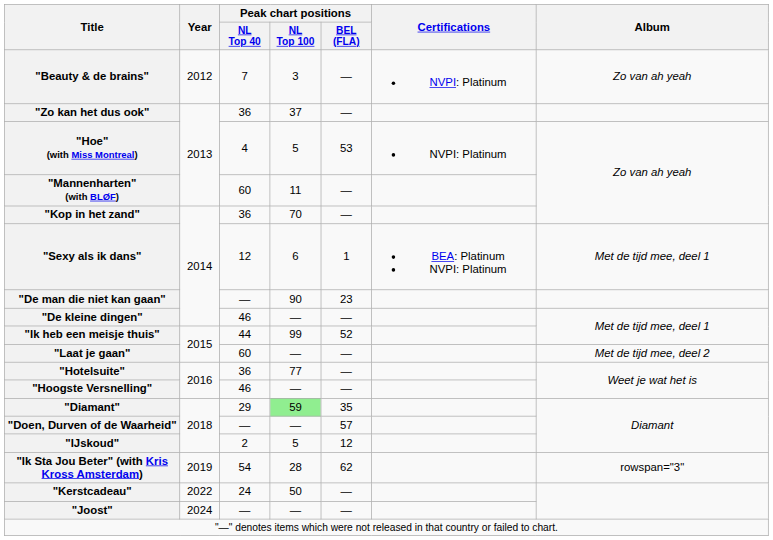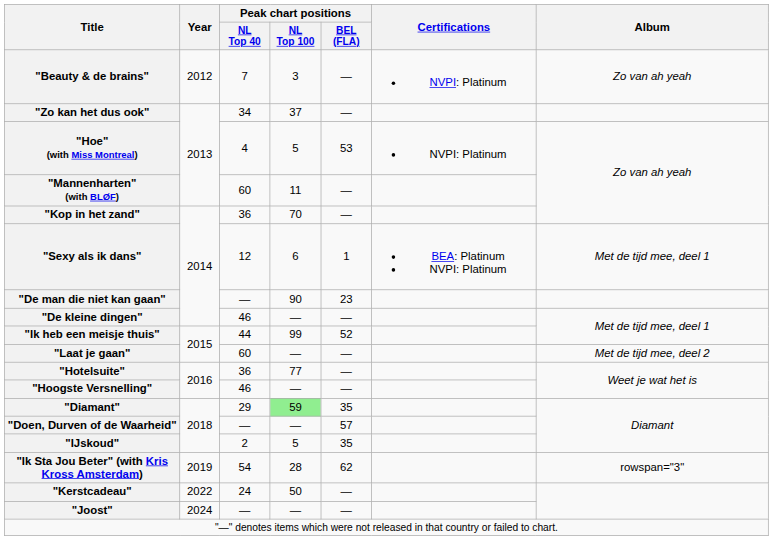 <table class="wikitable plainrowheaders" style="text-align:center;" border="1">
 <tr>
 <th scope="col" rowspan="2" style="width:15em;">Title</th>
 <th scope="col" rowspan="2" style="width:3em;">Year</th>
 <th scope="col" colspan="3">Peak chart positions</th>
 <th scope="col" rowspan="2" style="width:14em;"><a href='#'>Certifications</a></th>
 <th scope="col" rowspan="2" style="width:20em;">Album</th>
 </tr>
 <tr>
 <th scope="col" style="width:4.5em;font-size:90%;"><a href='#'>NL<br>Top 40</a><br></th>
 <th scope="col" style="width:4.5em;font-size:90%;"><a href='#'>NL<br>Top 100</a><br></th>
 <th scope="col" style="width:4.5em;font-size:90%;"><a href='#'>BEL<br>(FLA)</a><br></th>
 </tr>
 <tr>
 <th scope="row">"Beauty & de brains"</th>
 <td>2012</td>
 <td>7</td>
 <td>3</td>
 <td>—</td>
 <td><br><ul><li><a href='#'>NVPI</a>: Platinum</li></ul></td>
 <td><em>Zo van ah yeah</em></td>
 </tr>
 <tr>
 <th scope="row">"Zo kan het dus ook"</th>
 <td rowspan="3">2013</td>
-<td>36</td>
+<td>34</td>
 <td>37</td>
 <td>—</td>
 <td></td>
 <td></td>
 </tr>
 <tr>
 <th scope="row">"Hoe"<br><small>(with <a href='#'>Miss Montreal</a>)</small></th>
 <td>4</td>
 <td>5</td>
 <td>53</td>
 <td><br><ul><li>NVPI: Platinum</li></ul></td>
 <td rowspan="3"><em>Zo van ah yeah</em></td>
 </tr>
 <tr>
 <th scope="row">"Mannenharten"<br><small>(with <a href='#'>BLØF</a>)</small></th>
 <td>60</td>
 <td>11</td>
 <td>—</td>
 <td></td>
 </tr>
 <tr>
 <th scope="row">"Kop in het zand"</th>
 <td rowspan="4">2014</td>
 <td>36</td>
 <td>70</td>
 <td>—</td>
 <td></td>
 </tr>
 <tr>
 <th scope="row">"Sexy als ik dans"</th>
 <td>12</td>
 <td>6</td>
 <td>1</td>
 <td><br><ul><li><a href='#'>BEA</a>: Platinum</li><li>NVPI: Platinum</li></ul></td>
 <td><em>Met de tijd mee, deel 1</em></td>
 </tr>
 <tr>
 <th scope="row">"De man die niet kan gaan"</th>
 <td>—</td>
 <td>90</td>
 <td>23</td>
 <td></td>
 <td></td>
 </tr>
 <tr>
 <th scope="row">"De kleine dingen"</th>
 <td>46</td>
 <td>—</td>
 <td>—</td>
 <td></td>
 <td rowspan="2"><em>Met de tijd mee, deel 1</em></td>
 </tr>
 <tr>
 <th scope="row">"Ik heb een meisje thuis"</th>
 <td rowspan="2">2015</td>
 <td>44</td>
 <td>99</td>
 <td>52</td>
 <td></td>
 </tr>
 <tr>
 <th scope="row">"Laat je gaan"</th>
 <td>60</td>
 <td>—</td>
 <td>—</td>
 <td></td>
 <td><em>Met de tijd mee, deel 2</em></td>
 </tr>
 <tr>
 <th scope="row">"Hotelsuite"<br></th>
 <td rowspan="2">2016</td>
 <td>36</td>
 <td>77</td>
 <td>—</td>
 <td></td>
 <td rowspan="2"><em>Weet je wat het is</em></td>
 </tr>
 <tr>
 <th scope="row">"Hoogste Versnelling"<br></th>
 <td>46</td>
 <td>—</td>
 <td>—</td>
 <td></td>
 </tr>
 <tr>
 <th scope="row">"Diamant"</th>
 <td rowspan="3">2018</td>
 <td>29</td>
 <td style="background: lightgreen;">59</td>
 <td>35</td>
 <td></td>
 <td rowspan="3"><em>Diamant</em></td>
 </tr>
 <tr>
 <th scope="row">"Doen, Durven of de Waarheid"</th>
 <td>—</td>
 <td>—</td>
 <td>57</td>
 <td></td>
 </tr>
 <tr>
 <th scope="row">"IJskoud"</th>
 <td>2</td>
 <td>5</td>
-<td>12</td>
+<td>35</td>
 <td></td>
 </tr>
 <tr>
 <th scope="row">"Ik Sta Jou Beter" (with <a href='#'>Kris Kross Amsterdam</a>)</th>
 <td>2019</td>
 <td>54</td>
 <td>28</td>
 <td>62</td>
 <td></td>
 <td>rowspan="3" </td>
 </tr>
 <tr>
 <th scope="row">"Kerstcadeau"</th>
 <td>2022</td>
 <td>24</td>
 <td>50</td>
 <td>—</td>
 <td></td>
 </tr>
 <tr>
 <th scope="row">"Joost"</th>
 <td>2024</td>
 <td>—</td>
 <td>—</td>
 <td>—</td>
 <td></td>
 </tr>
 <tr>
 <td colspan="7" style="font-size:90%;">"—" denotes items which were not released in that country or failed to chart.</td>
 </tr>
 </table>
